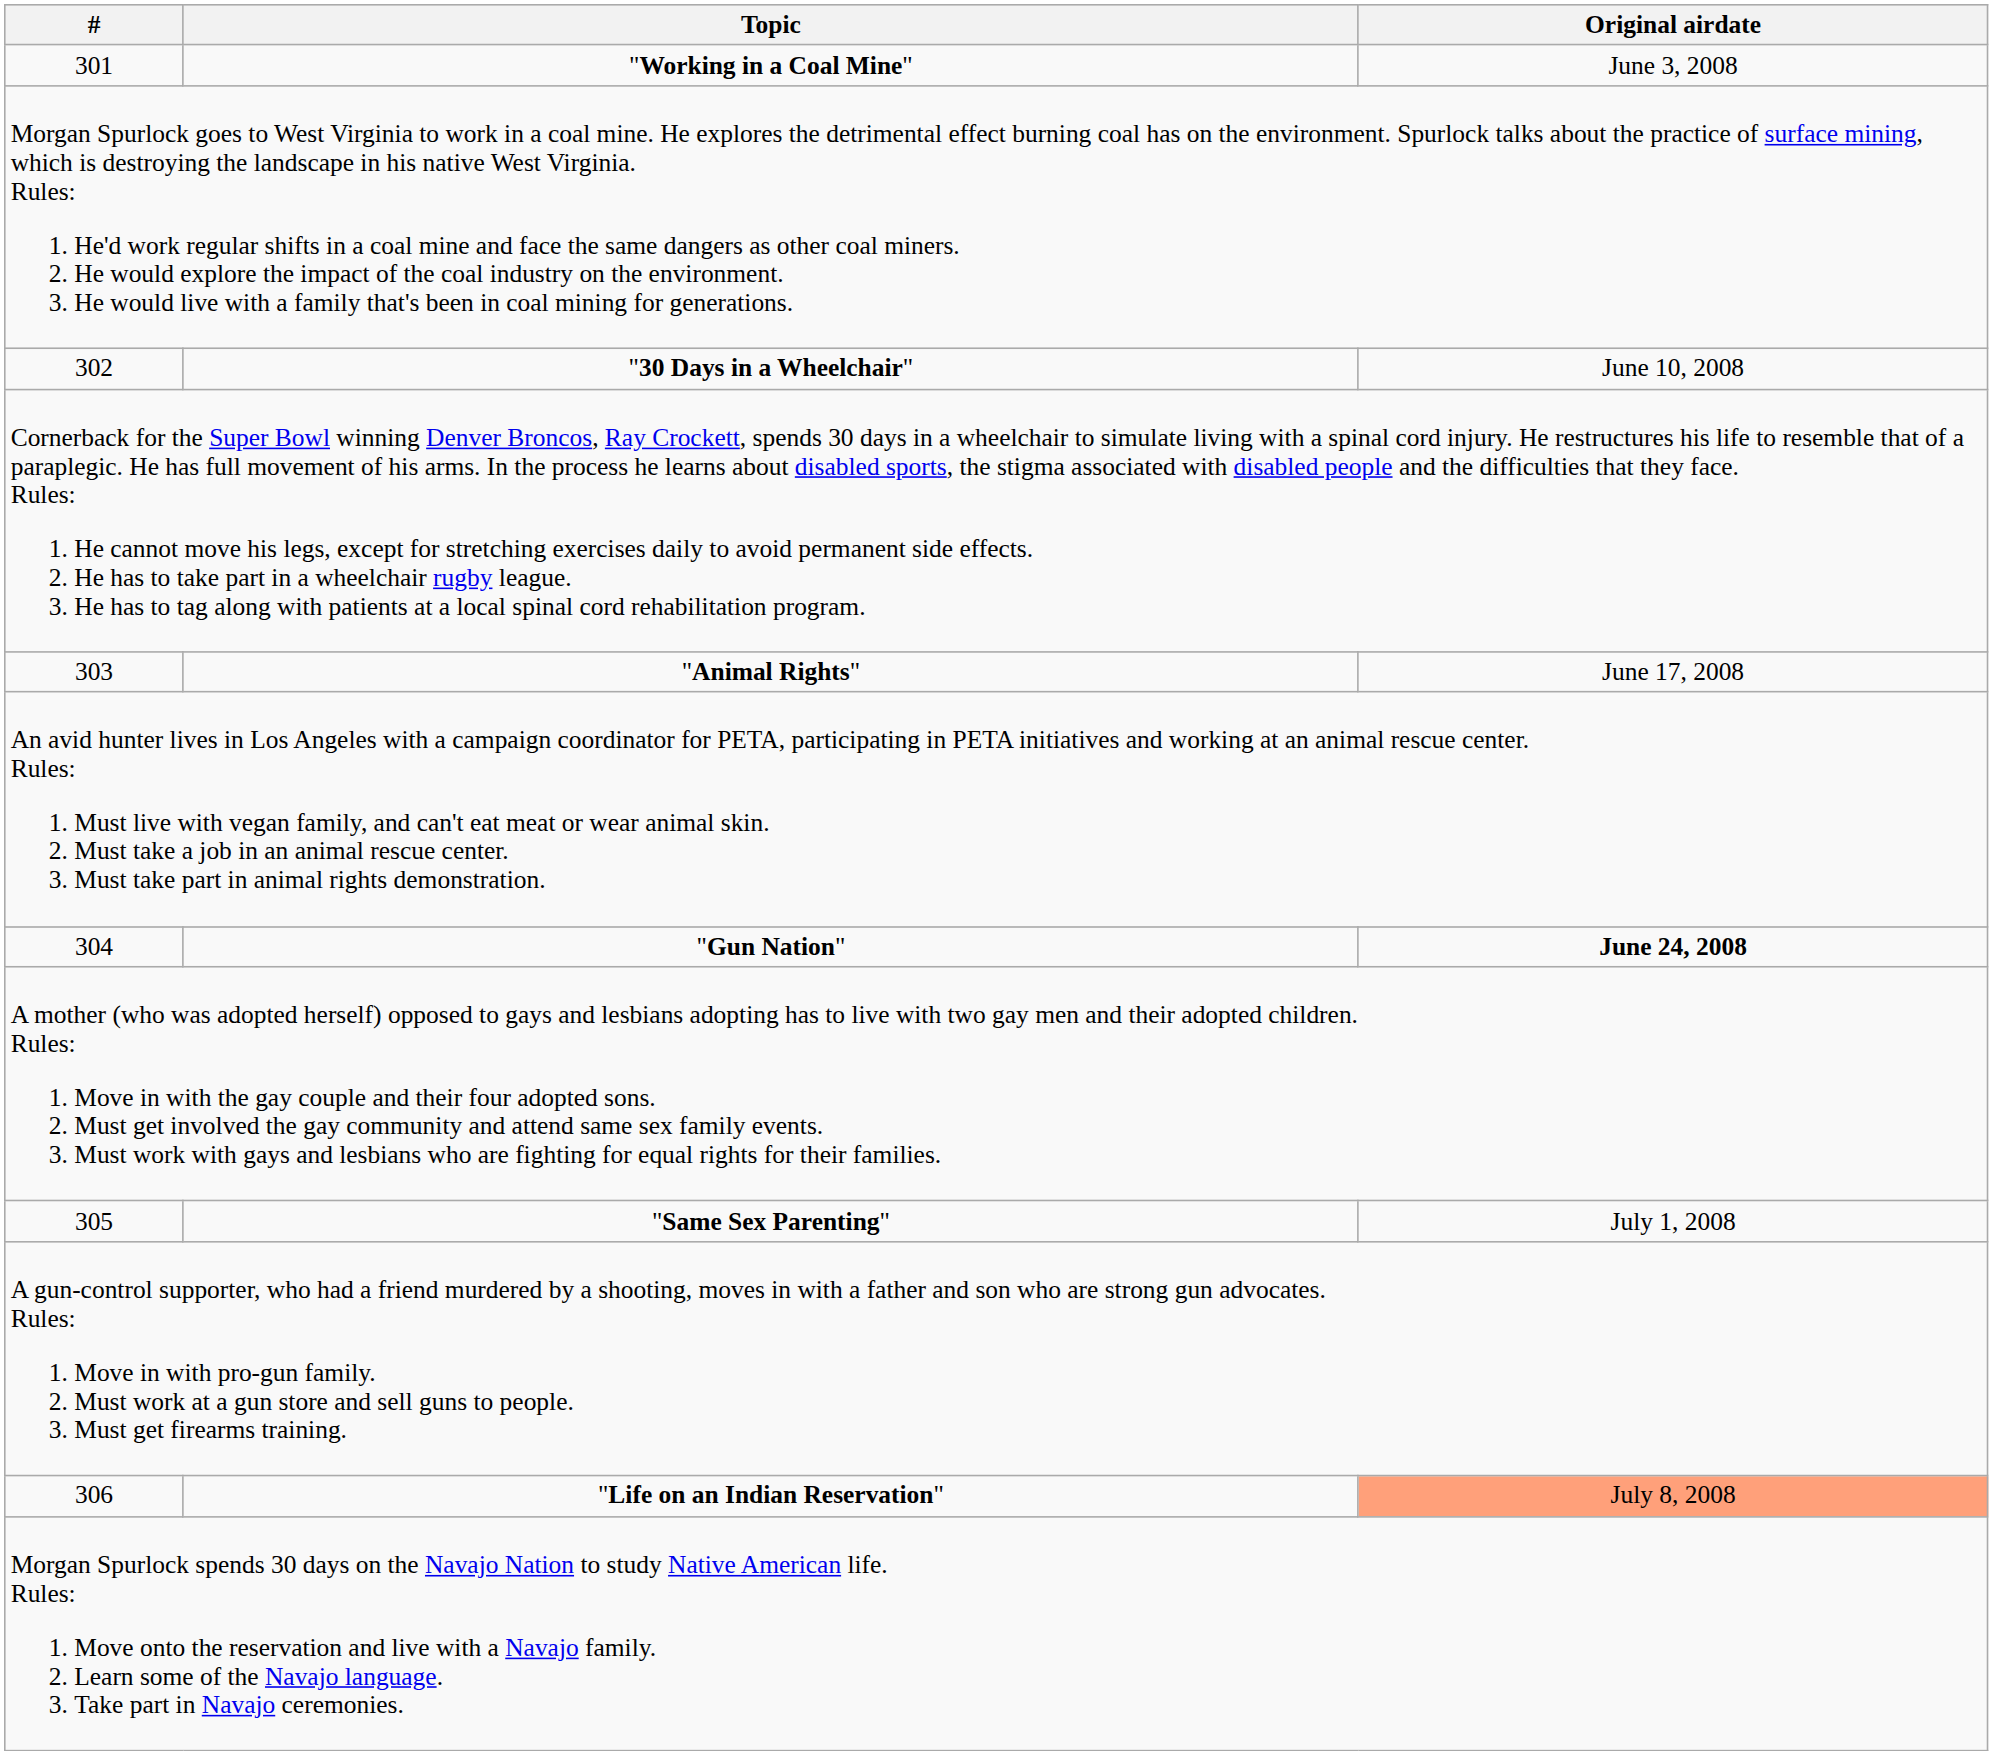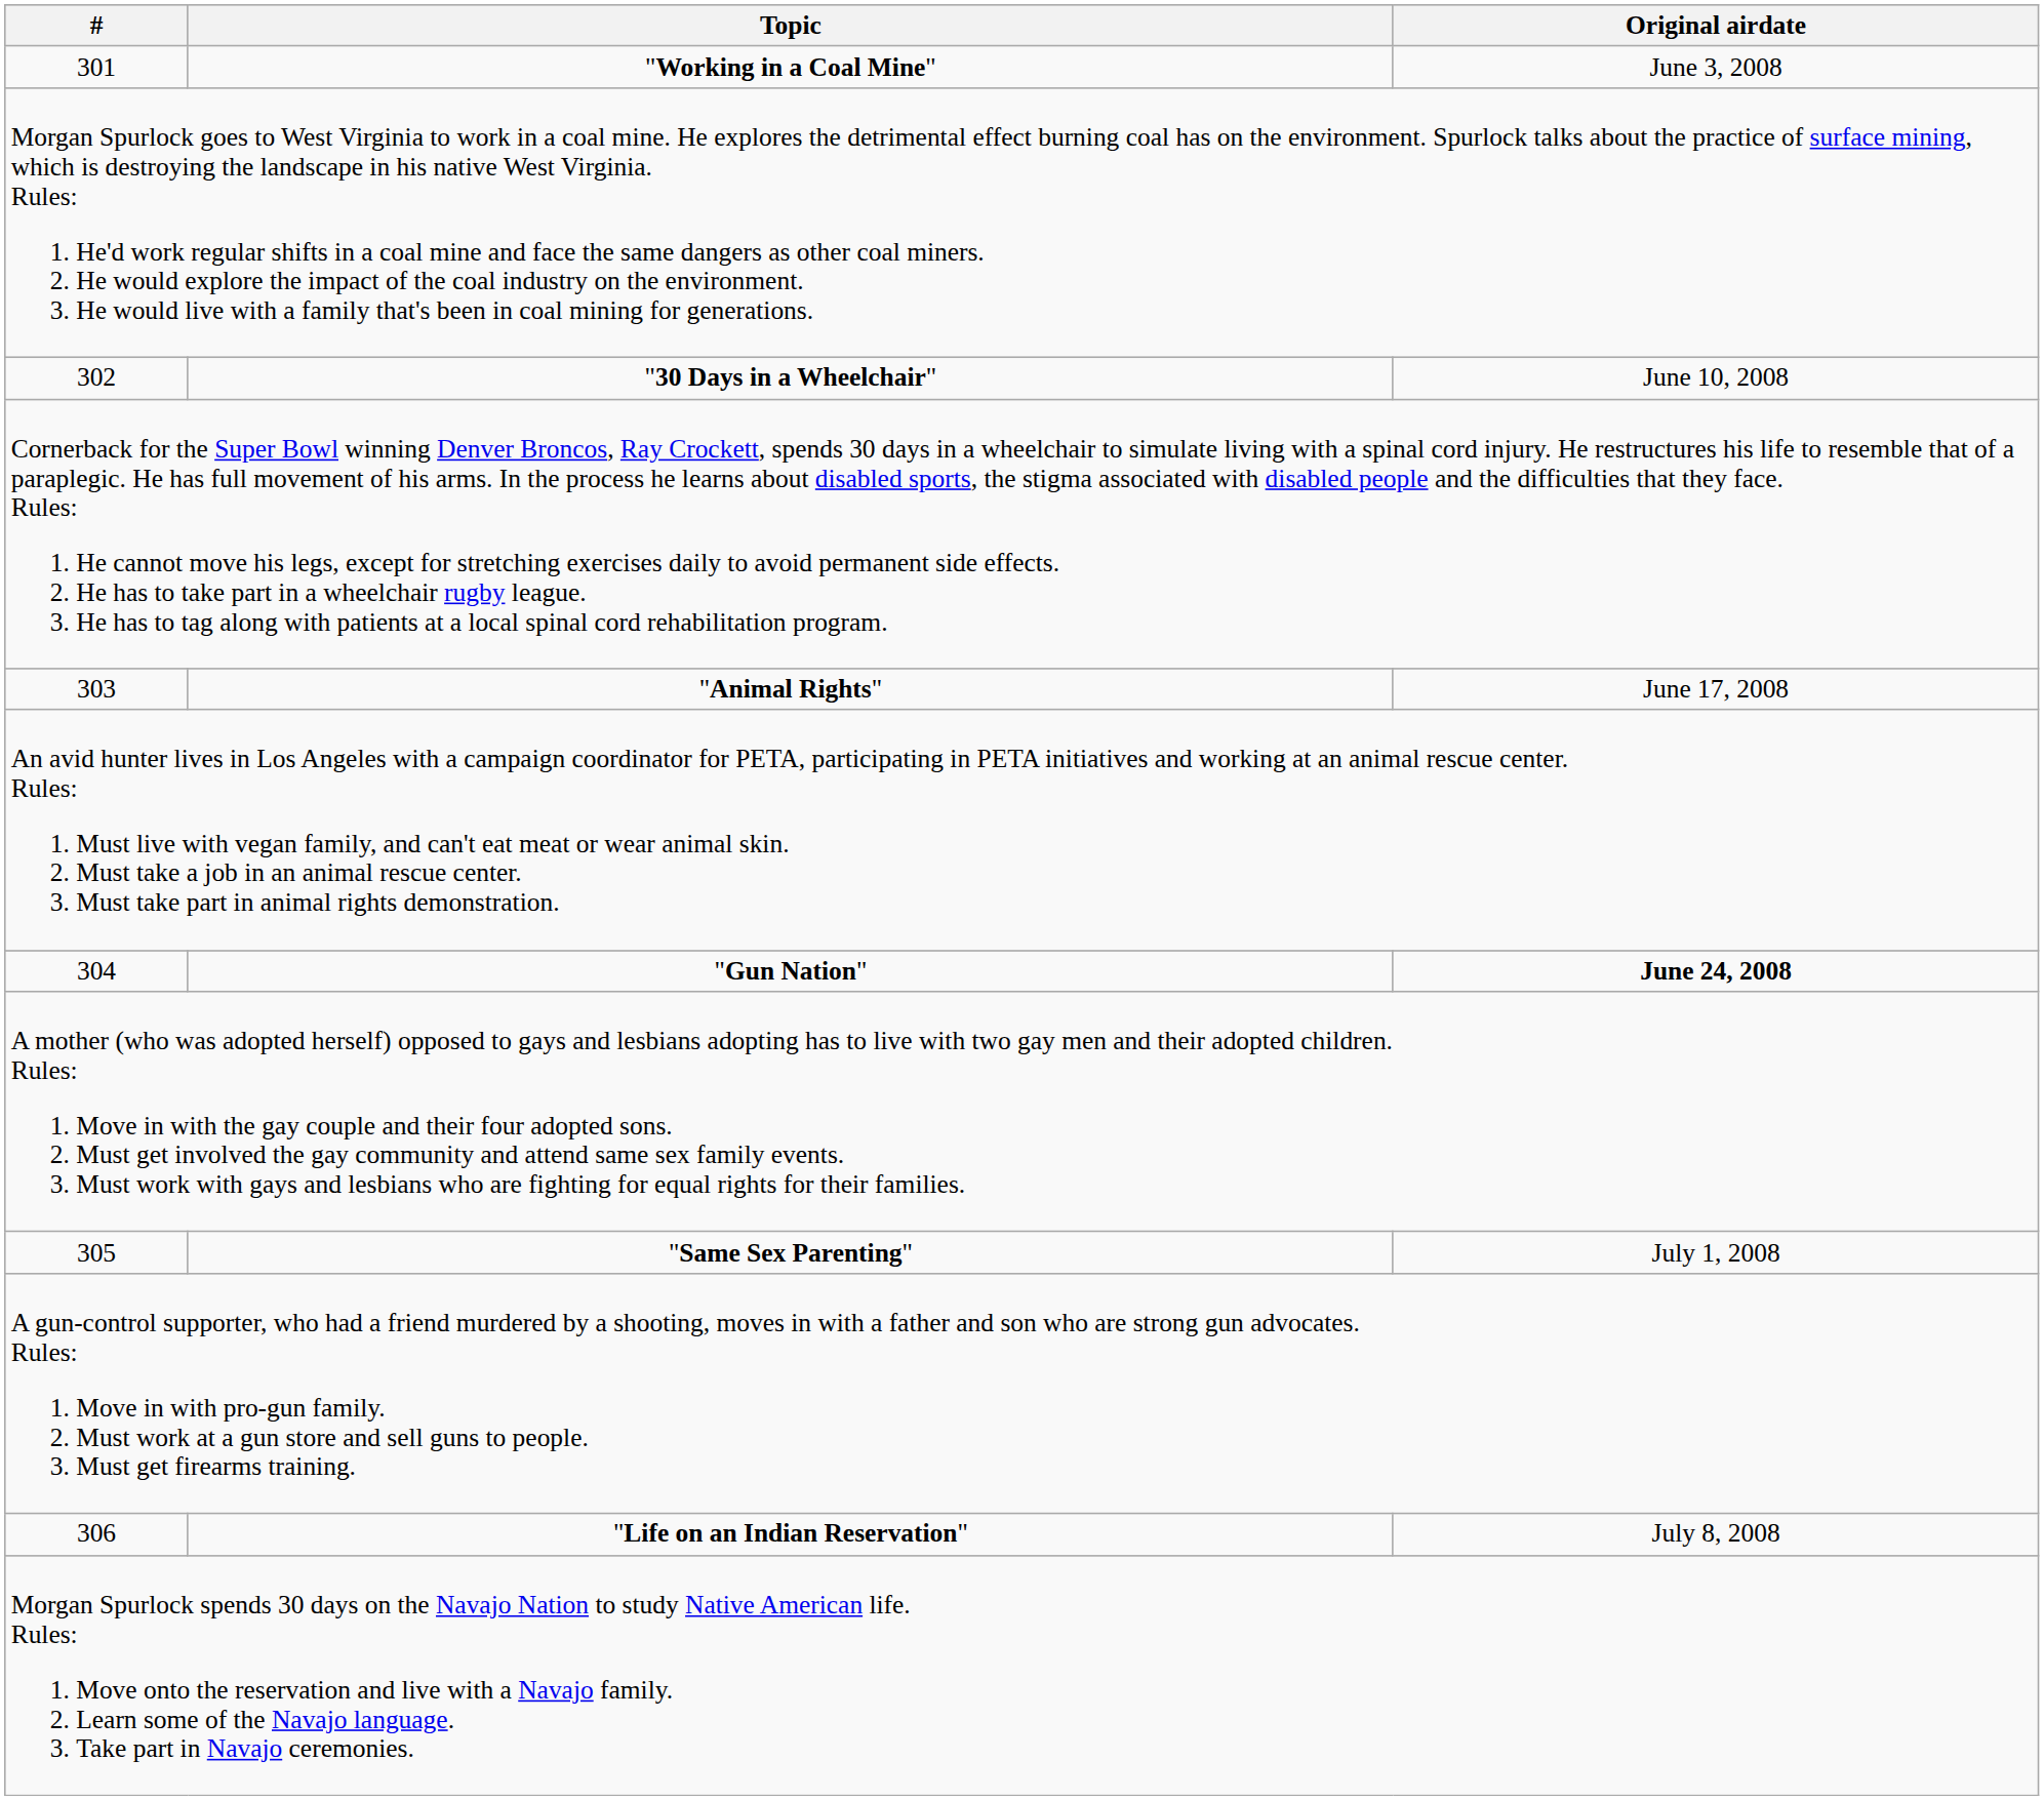 <table class="wikitable">
 <tr>
 <th>#</th>
 <th>Topic</th>
 <th>Original airdate</th>
 </tr>
 <tr>
 <td align="center">301</td>
 <td align="center">"<strong>Working in a Coal Mine</strong>"</td>
 <td align="center">June 3, 2008</td>
 </tr>
 <tr>
 <td colspan="3"><br>Morgan Spurlock goes to West Virginia to work in a coal mine. He explores the detrimental effect burning coal has on the environment. Spurlock talks about the practice of <a href='#'>surface mining</a>, which is destroying the landscape in his native West Virginia.<br>Rules:<ol><li>He'd work regular shifts in a coal mine and face the same dangers as other coal miners.</li><li>He would explore the impact of the coal industry on the environment.</li><li>He would live with a family that's been in coal mining for generations.</li></ol></td>
 </tr>
 <tr>
 <td align="center">302</td>
 <td align="center">"<strong>30 Days in a Wheelchair</strong>"</td>
 <td align="center">June 10, 2008</td>
 </tr>
 <tr>
 <td colspan="3"><br>Cornerback for the <a href='#'>Super Bowl</a> winning <a href='#'>Denver Broncos</a>, <a href='#'>Ray Crockett</a>, spends 30 days in a wheelchair to simulate living with a spinal cord injury. He restructures his life to resemble that of a paraplegic. He has full movement of his arms. In the process he learns about <a href='#'>disabled sports</a>, the stigma associated with <a href='#'>disabled people</a> and the difficulties that they face.<br>Rules:<ol><li>He cannot move his legs, except for stretching exercises daily to avoid permanent side effects.</li><li>He has to take part in a wheelchair <a href='#'>rugby</a> league.</li><li>He has to tag along with patients at a local spinal cord rehabilitation program.</li></ol></td>
 </tr>
 <tr>
 <td align="center">303</td>
 <td align="center">"<strong>Animal Rights</strong>"</td>
 <td align="center">June 17, 2008</td>
 </tr>
 <tr>
 <td colspan="3"><br>An avid hunter lives in Los Angeles with a campaign coordinator for PETA, participating in PETA initiatives and working at an animal rescue center.<br>Rules:<ol><li>Must live with vegan family, and can't eat meat or wear animal skin.</li><li>Must take a job in an animal rescue center.</li><li>Must take part in animal rights demonstration.</li></ol></td>
 </tr>
 <tr>
 <td align="center">304</td>
 <td align="center">"<strong>Gun Nation</strong>"</td>
 <td align="center"><strong>June 24, 2008</strong></td>
 </tr>
 <tr>
 <td colspan="3"><br>A mother (who was adopted herself) opposed to gays and lesbians adopting has to live with two gay men and their adopted children.<br>Rules:<ol><li>Move in with the gay couple and their four adopted sons.</li><li>Must get involved the gay community and attend same sex family events.</li><li>Must work with gays and lesbians who are fighting for equal rights for their families.</li></ol></td>
 </tr>
 <tr>
 <td align="center">305</td>
 <td align="center">"<strong>Same Sex Parenting</strong>"</td>
 <td align="center">July 1, 2008</td>
 </tr>
 <tr>
 <td colspan="3"><br>A gun-control supporter, who had a friend murdered by a shooting, moves in with a father and son who are strong gun advocates.<br>Rules:<ol><li>Move in with pro-gun family.</li><li>Must work at a gun store and sell guns to people.</li><li>Must get firearms training.</li></ol></td>
 </tr>
 <tr>
 <td align="center">306</td>
 <td align="center">"<strong>Life on an Indian Reservation</strong>"</td>
-<td align="center" style="background: lightsalmon;">July 8, 2008</td>
+<td align="center">July 8, 2008</td>
 </tr>
 <tr>
 <td colspan="3"><br>Morgan Spurlock spends 30 days on the <a href='#'>Navajo Nation</a> to study <a href='#'>Native American</a> life.<br>Rules:<ol><li>Move onto the reservation and live with a <a href='#'>Navajo</a> family.</li><li>Learn some of the <a href='#'>Navajo language</a>.</li><li>Take part in <a href='#'>Navajo</a> ceremonies.</li></ol></td>
 </tr>
 </table>
